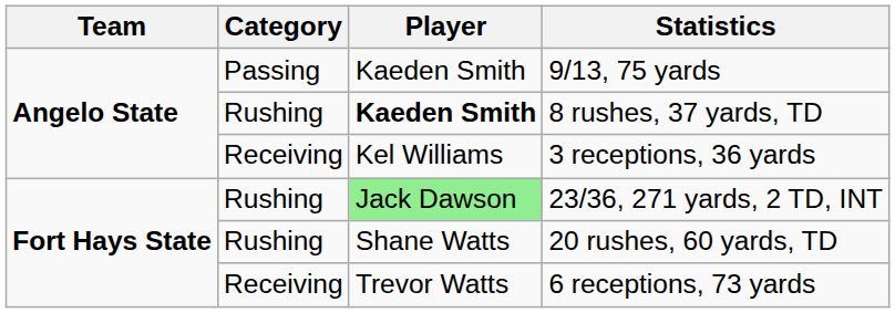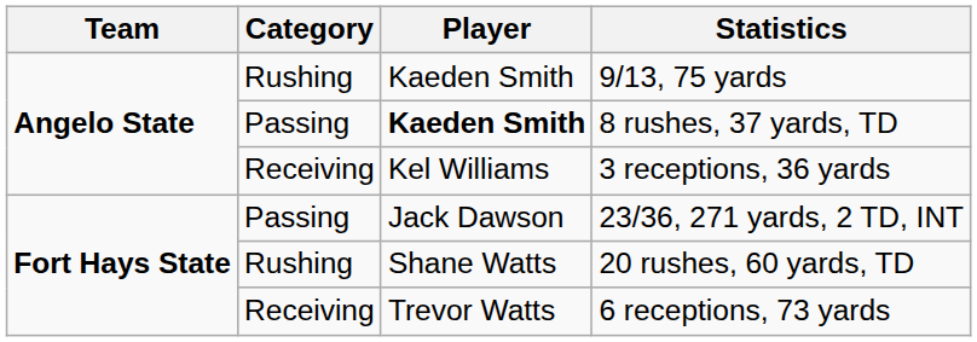 <table class="wikitable" style="float: right;">
 <tr>
 <th>Team</th>
 <th>Category</th>
 <th>Player</th>
 <th>Statistics</th>
 </tr>
 <tr>
 <td rowspan=3><strong>Angelo State</strong></td>
-<td>Passing</td>
+<td>Rushing</td>
 <td>Kaeden Smith</td>
 <td>9/13, 75 yards</td>
 </tr>
 <tr>
-<td>Rushing</td>
+<td>Passing</td>
 <td><strong>Kaeden Smith</strong></td>
 <td>8 rushes, 37 yards, TD</td>
 </tr>
 <tr>
 <td>Receiving</td>
 <td>Kel Williams</td>
 <td>3 receptions, 36 yards</td>
 </tr>
 <tr>
 <td rowspan=3><strong>Fort Hays State</strong></td>
-<td>Rushing</td>
-<td style="background: lightgreen;">Jack Dawson</td>
+<td>Passing</td>
+<td>Jack Dawson</td>
 <td>23/36, 271 yards, 2 TD, INT</td>
 </tr>
 <tr>
 <td>Rushing</td>
 <td>Shane Watts</td>
 <td>20 rushes, 60 yards, TD</td>
 </tr>
 <tr>
 <td>Receiving</td>
 <td>Trevor Watts</td>
 <td>6 receptions, 73 yards</td>
 </tr>
 </table>
